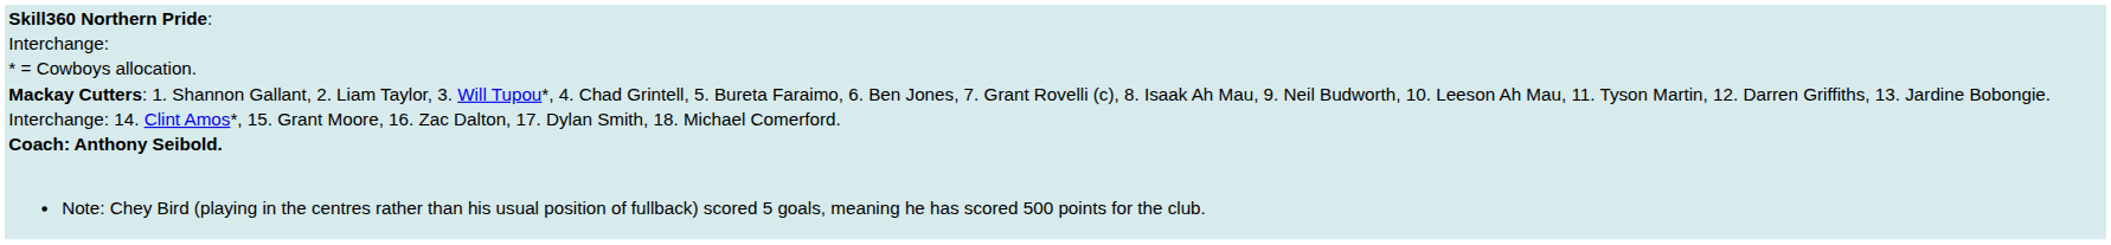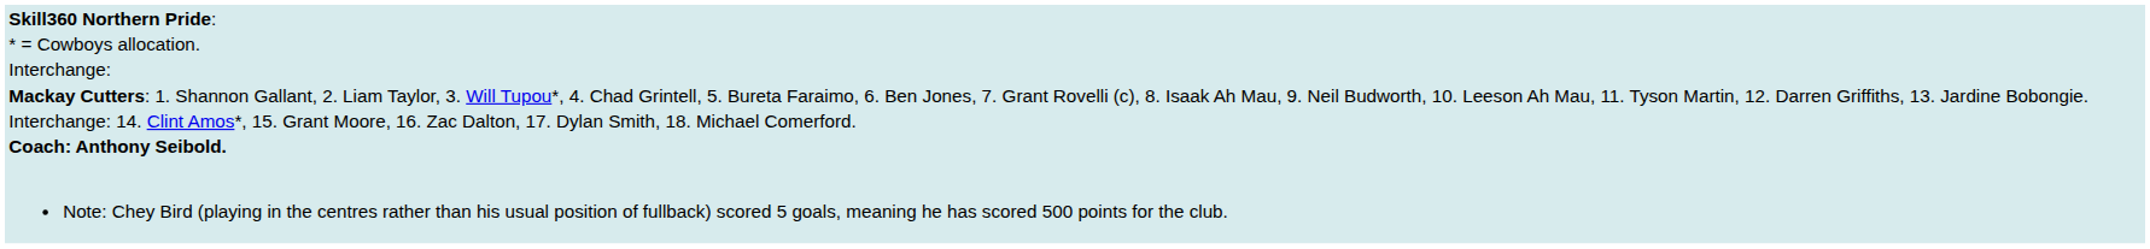 <table style="background:#d7ebed; font-size:85%; width:100%;">
 <tr>
 <td><strong>Skill360 Northern Pride</strong>:             </td>
 </tr>
 <tr>
-<td>Interchange:    </td>
+<td>* = Cowboys allocation.</td>
 </tr>
 <tr>
-<td>* = Cowboys allocation.</td>
+<td>Interchange:    </td>
 </tr>
 <tr>
 <td><strong>Mackay Cutters</strong>: 1. Shannon Gallant, 2. Liam Taylor, 3. <a href='#'>Will Tupou</a>*, 4. Chad Grintell, 5. Bureta Faraimo, 6. Ben Jones, 7. Grant Rovelli (c), 8. Isaak Ah Mau, 9. Neil Budworth, 10. Leeson Ah Mau, 11. Tyson Martin, 12. Darren Griffiths, 13. Jardine Bobongie.</td>
 </tr>
 <tr>
 <td>Interchange: 14. <a href='#'>Clint Amos</a>*, 15. Grant Moore, 16. Zac Dalton, 17. Dylan Smith, 18. Michael Comerford.</td>
 </tr>
 <tr>
 <td><strong>Coach: Anthony Seibold.</strong></td>
 </tr>
 <tr>
 <td><br><ul><li>Note: Chey Bird (playing in the centres rather than his usual position of fullback) scored 5 goals, meaning he has scored 500 points for the club.</li></ul></td>
 </tr>
 </table>
